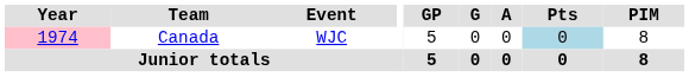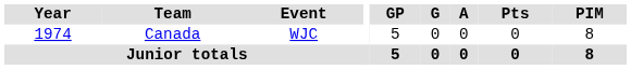 <table border="0" cellpadding="1" cellspacing="0" ID="Table3" style="text-align:center; width:40em">
 <tr bgcolor="#e0e0e0">
 <th>Year</th>
 <th>Team</th>
 <th>Event</th>
 <th rowspan="102" bgcolor="#ffffff"></th>
 <th>GP</th>
 <th>G</th>
 <th>A</th>
 <th>Pts</th>
 <th>PIM</th>
 </tr>
 <tr>
-<td style="background: pink;"><a href='#'>1974</a></td>
+<td><a href='#'>1974</a></td>
 <td><a href='#'>Canada</a></td>
 <td><a href='#'>WJC</a></td>
 <td>5</td>
 <td>0</td>
 <td>0</td>
-<td style="background: lightblue;">0</td>
+<td>0</td>
 <td>8</td>
 </tr>
 <tr bgcolor="#e0e0e0">
 <th colspan="4">Junior totals</th>
 <th>5</th>
 <th>0</th>
 <th>0</th>
 <th>0</th>
 <th>8</th>
 </tr>
 </table>
